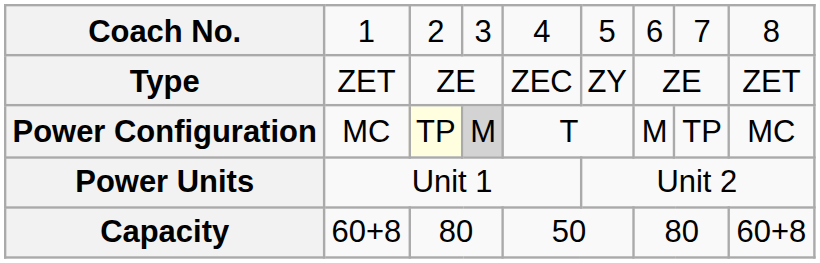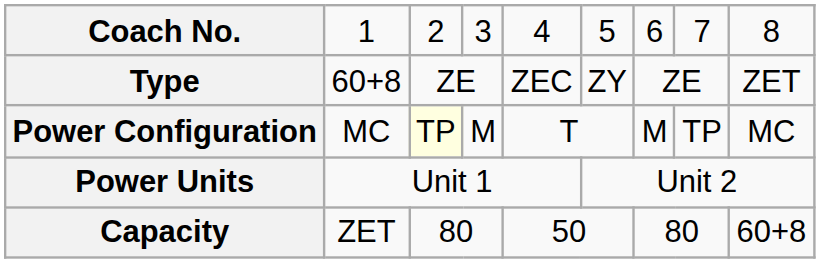 <table class="wikitable" style="text-align: center; font-size: small;">
 <tr>
 <th>Coach No.</th>
 <td>1</td>
 <td>2</td>
 <td>3</td>
 <td>4</td>
 <td>5</td>
 <td>6</td>
 <td>7</td>
 <td>8</td>
 </tr>
 <tr>
 <th>Type</th>
-<td>ZET</td>
+<td>60+8</td>
 <td colspan=2>ZE</td>
 <td>ZEC</td>
 <td>ZY</td>
 <td colspan=2>ZE</td>
 <td>ZET</td>
 </tr>
 <tr>
 <th>Power Configuration</th>
 <td>MC</td>
 <td style="background: lightyellow;">TP</td>
-<td style="background: lightgrey;">M</td>
+<td>M</td>
 <td colspan=2>T</td>
 <td>M</td>
 <td>TP</td>
 <td>MC</td>
 </tr>
 <tr>
 <th>Power Units</th>
 <td colspan=4>Unit 1</td>
 <td colspan=4>Unit 2</td>
 </tr>
 <tr>
 <th>Capacity</th>
-<td>60+8</td>
+<td>ZET</td>
 <td colspan="2">80</td>
 <td colspan="2">50</td>
 <td colspan="2">80</td>
 <td>60+8</td>
 </tr>
 </table>
